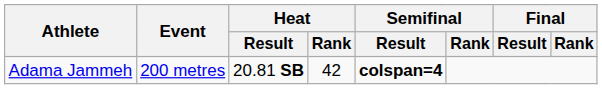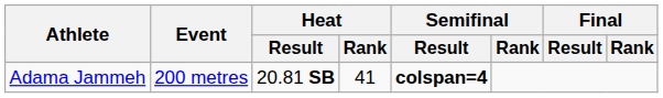 <table class="wikitable" style="font-size:90%">
 <tr>
 <th rowspan="2">Athlete</th>
 <th rowspan="2">Event</th>
 <th colspan="2">Heat</th>
 <th colspan="2">Semifinal</th>
 <th colspan="2">Final</th>
 </tr>
 <tr style="font-size:95%">
 <th>Result</th>
 <th>Rank</th>
 <th>Result</th>
 <th>Rank</th>
 <th>Result</th>
 <th>Rank</th>
 </tr>
 <tr style=text-align:center>
 <td style=text-align:left><a href='#'>Adama Jammeh</a></td>
 <td style=text-align:left><a href='#'>200 metres</a></td>
 <td>20.81 <strong>SB</strong></td>
-<td>42</td>
+<td>41</td>
 <td><strong>colspan=4 </strong></td>
 </tr>
 </table>
